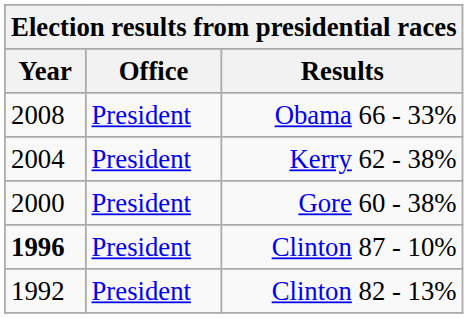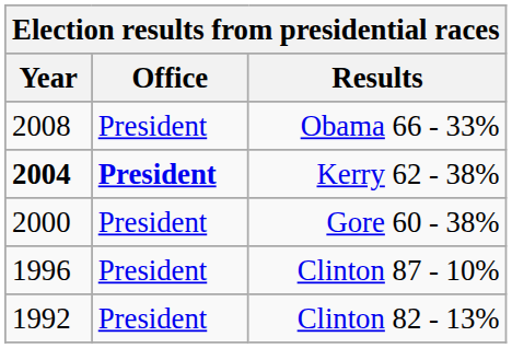 <table class="wikitable" style="font-size:95%;">
 <tr>
 <th colspan="3">Election results from presidential races</th>
 </tr>
 <tr>
 <th>Year</th>
 <th>Office</th>
 <th>Results</th>
 </tr>
 <tr>
 <td>2008</td>
 <td><a href='#'>President</a></td>
 <td align="right" ><a href='#'>Obama</a> 66 - 33%</td>
 </tr>
 <tr>
-<td>2004</td>
-<td><a href='#'>President</a></td>
+<td><strong>2004</strong></td>
+<td><strong><a href='#'>President</a></strong></td>
 <td align="right" ><a href='#'>Kerry</a> 62 - 38%</td>
 </tr>
 <tr>
 <td>2000</td>
 <td><a href='#'>President</a></td>
 <td align="right" ><a href='#'>Gore</a> 60 - 38%</td>
 </tr>
 <tr>
-<td><strong>1996</strong></td>
+<td>1996</td>
 <td><a href='#'>President</a></td>
 <td align="right" ><a href='#'>Clinton</a> 87 - 10%</td>
 </tr>
 <tr>
 <td>1992</td>
 <td><a href='#'>President</a></td>
 <td align="right" ><a href='#'>Clinton</a> 82 - 13%</td>
 </tr>
 </table>
